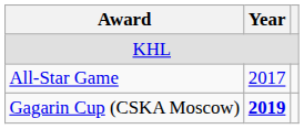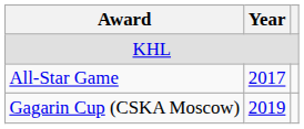 <table class="wikitable">
 <tr>
 <th>Award</th>
 <th>Year</th>
 <th></th>
 </tr>
 <tr ALIGN="center" bgcolor="#e0e0e0">
 <td colspan="3"><a href='#'>KHL</a></td>
 </tr>
 <tr>
 <td><a href='#'>All-Star Game</a></td>
 <td><a href='#'>2017</a></td>
 <td></td>
 </tr>
 <tr>
 <td><a href='#'>Gagarin Cup</a> (CSKA Moscow)</td>
-<td><strong><a href='#'>2019</a></strong></td>
+<td><a href='#'>2019</a></td>
 <td></td>
 </tr>
 </table>
